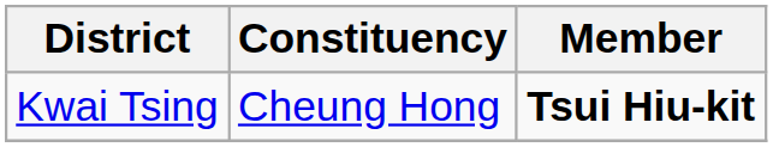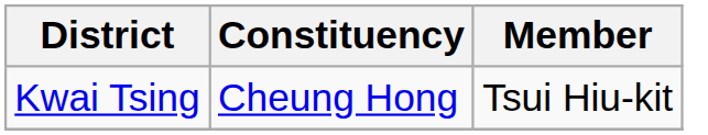 <table class="wikitable" style="text-align:left;">
 <tr>
 <th>District</th>
 <th>Constituency</th>
 <th>Member</th>
 </tr>
 <tr>
 <td rowspan=1><a href='#'>Kwai Tsing</a></td>
 <td><a href='#'>Cheung Hong</a></td>
-<td><strong>Tsui Hiu-kit</strong></td>
+<td>Tsui Hiu-kit</td>
 </tr>
 <tr>
 </tr>
 </table>
